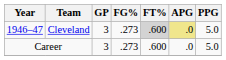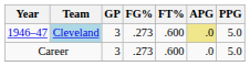 <table class="wikitable sortable" style="font-size:95%; text-align:right;">
 <tr>
 <th>Year</th>
 <th>Team</th>
 <th>GP</th>
 <th>FG%</th>
 <th>FT%</th>
 <th>APG</th>
 <th>PPG</th>
 </tr>
 <tr>
 <td style="text-align:left;"><a href='#'>1946–47</a></td>
-<td style="text-align:left;"><a href='#'>Cleveland</a></td>
+<td style="background: lightblue; text-align:left;"><a href='#'>Cleveland</a></td>
 <td>3</td>
 <td>.273</td>
-<td style="background: lightgrey;">.600</td>
+<td>.600</td>
 <td style="background: khaki;">.0</td>
 <td>5.0</td>
 </tr>
 <tr>
 <td style="text-align:center;" colspan="2">Career</td>
 <td>3</td>
 <td>.273</td>
 <td>.600</td>
 <td>.0</td>
 <td>5.0</td>
 </tr>
 <tr>
 </tr>
 </table>
